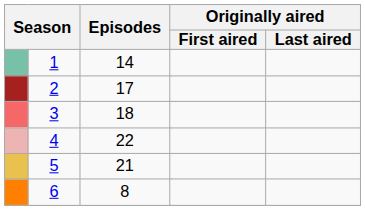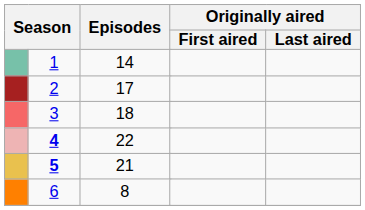 <table class="wikitable" style="text-align: center;">
 <tr>
 <th scope="col" style="padding: 0 8px;" colspan="2" rowspan="2">Season</th>
 <th scope="col" style="padding: 0 8px;" colspan="2" rowspan="2">Episodes</th>
 <th colspan="3">Originally aired</th>
 </tr>
 <tr>
 <th style="padding: 0 8px;">First aired</th>
 <th style="padding: 0 8px;">Last aired</th>
 </tr>
 <tr>
 <td style="background: #77C1A9;"></td>
 <td><a href='#'>1</a></td>
 <td colspan="2">14</td>
 <td></td>
 <td></td>
 </tr>
 <tr>
 <td style="background: #A62020;"></td>
 <td><a href='#'>2</a></td>
 <td colspan="2">17</td>
 <td></td>
 <td></td>
 </tr>
 <tr>
 <td style="background: #F66767;"></td>
 <td><a href='#'>3</a></td>
 <td colspan="2">18</td>
 <td style="padding: 0 8px;"></td>
 <td style="padding: 0 8px;"></td>
 </tr>
 <tr>
 <td style="background: #EEB4B4;"></td>
-<td><a href='#'>4</a></td>
+<td><strong><a href='#'>4</a></strong></td>
 <td colspan="2">22</td>
 <td></td>
 <td></td>
 </tr>
 <tr>
 <td style="background: #E9C14E;"></td>
-<td><a href='#'>5</a></td>
+<td><strong><a href='#'>5</a></strong></td>
 <td colspan="2">21</td>
 <td></td>
 <td></td>
 </tr>
 <tr>
 <td style="background: #FF8000;"></td>
 <td><a href='#'>6</a></td>
 <td colspan="2">8</td>
 <td></td>
 <td></td>
 </tr>
 <tr>
 </tr>
 </table>
